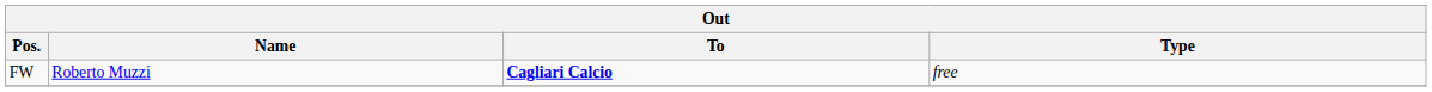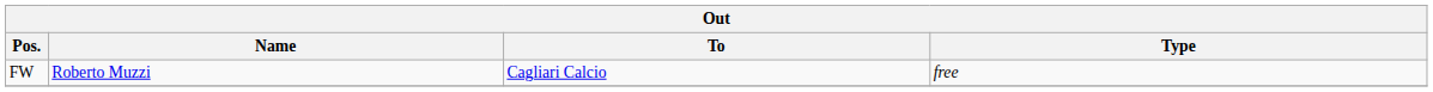 <table class="wikitable" style="font-size:90%; width:99%">
 <tr>
 <th colspan="4">Out</th>
 </tr>
 <tr>
 <th width=3%>Pos.</th>
 <th width=32%>Name</th>
 <th width=30%>To</th>
 <th width=35%>Type</th>
 </tr>
 <tr>
 <td>FW</td>
 <td><a href='#'>Roberto Muzzi</a></td>
-<td><strong><a href='#'>Cagliari Calcio</a></strong></td>
+<td><a href='#'>Cagliari Calcio</a></td>
 <td><em>free</em></td>
 </tr>
 <tr>
 </tr>
 </table>
